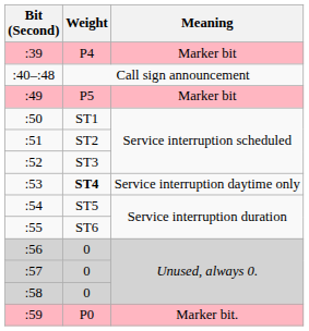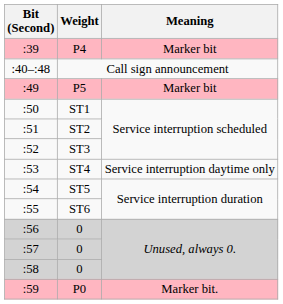 <table class=wikitable style="text-align:center">
 <tr>
 <th>Bit<br>(Second)</th>
 <th>Weight</th>
 <th>Meaning</th>
 </tr>
 <tr bgcolor=lightpink>
 <td>:39</td>
 <td>P4</td>
 <td>Marker bit</td>
 </tr>
 <tr>
 <td>:40–:48</td>
 <td colspan=2>Call sign announcement</td>
 </tr>
 <tr bgcolor=lightpink>
 <td>:49</td>
 <td>P5</td>
 <td>Marker bit</td>
 </tr>
 <tr>
 <td>:50</td>
 <td>ST1</td>
 <td rowspan=3>Service interruption scheduled</td>
 </tr>
 <tr>
 <td>:51</td>
 <td>ST2</td>
 </tr>
 <tr>
 <td>:52</td>
 <td>ST3</td>
 </tr>
 <tr>
 <td>:53</td>
-<td><strong>ST4</strong></td>
+<td>ST4</td>
 <td>Service interruption daytime only</td>
 </tr>
 <tr>
 <td>:54</td>
 <td>ST5</td>
 <td rowspan=2>Service interruption duration</td>
 </tr>
 <tr>
 <td>:55</td>
 <td>ST6</td>
 </tr>
 <tr bgcolor=lightgrey>
 <td>:56</td>
 <td>0</td>
 <td rowspan=3><em>Unused, always 0.</em></td>
 </tr>
 <tr bgcolor=lightgrey>
 <td>:57</td>
 <td>0</td>
 </tr>
 <tr bgcolor=lightgrey>
 <td>:58</td>
 <td>0</td>
 </tr>
 <tr bgcolor=lightpink>
 <td>:59</td>
 <td>P0</td>
 <td>Marker bit.</td>
 </tr>
 </table>
